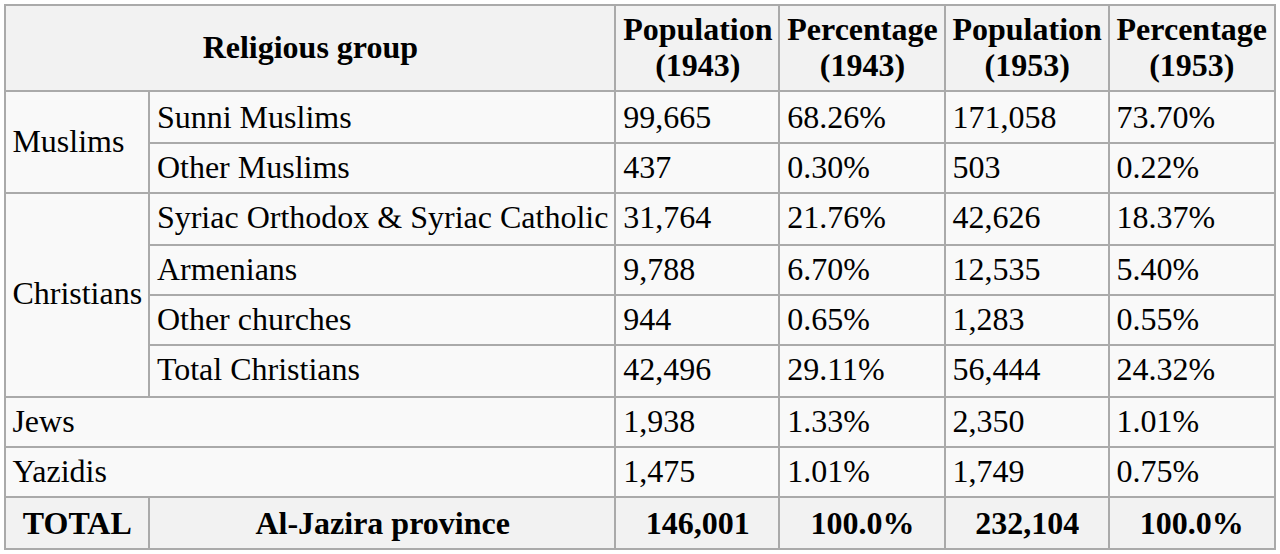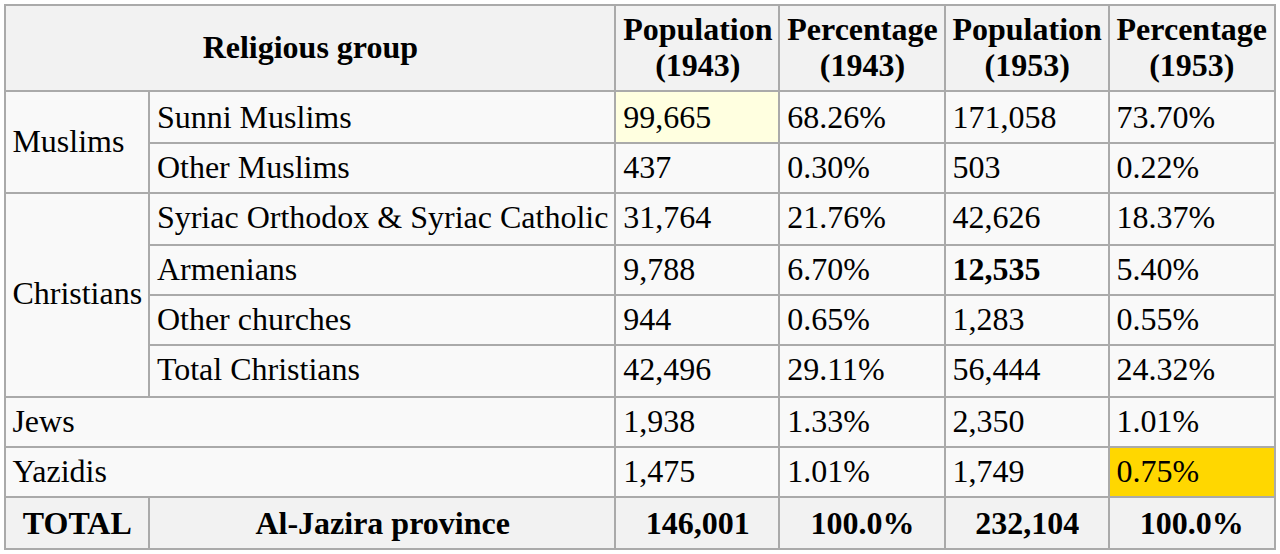 <table class="wikitable">
 <tr>
 <th colspan="2">Religious group</th>
 <th>Population<br>(1943)</th>
 <th>Percentage<br>(1943)</th>
 <th>Population<br>(1953)</th>
 <th>Percentage<br>(1953)</th>
 </tr>
 <tr>
 <td rowspan="2">Muslims</td>
 <td>Sunni Muslims</td>
-<td>99,665</td>
+<td style="background: lightyellow;">99,665</td>
 <td>68.26%</td>
 <td>171,058</td>
 <td>73.70%</td>
 </tr>
 <tr>
 <td>Other Muslims</td>
 <td>437</td>
 <td>0.30%</td>
 <td>503</td>
 <td>0.22%</td>
 </tr>
 <tr>
 <td rowspan="4">Christians</td>
 <td>Syriac Orthodox & Syriac Catholic</td>
 <td>31,764</td>
 <td>21.76%</td>
 <td>42,626</td>
 <td>18.37%</td>
 </tr>
 <tr>
 <td>Armenians</td>
 <td>9,788</td>
 <td>6.70%</td>
-<td>12,535</td>
+<td><strong>12,535</strong></td>
 <td>5.40%</td>
 </tr>
 <tr>
 <td>Other churches</td>
 <td>944</td>
 <td>0.65%</td>
 <td>1,283</td>
 <td>0.55%</td>
 </tr>
 <tr>
 <td>Total Christians</td>
 <td>42,496</td>
 <td>29.11%</td>
 <td>56,444</td>
 <td>24.32%</td>
 </tr>
 <tr>
 <td colspan="2">Jews</td>
 <td>1,938</td>
 <td>1.33%</td>
 <td>2,350</td>
 <td>1.01%</td>
 </tr>
 <tr>
 <td colspan="2">Yazidis</td>
 <td>1,475</td>
 <td>1.01%</td>
 <td>1,749</td>
-<td>0.75%</td>
+<td style="background: gold;">0.75%</td>
 </tr>
 <tr>
 <th>TOTAL</th>
 <th>Al-Jazira province</th>
 <th>146,001</th>
 <th>100.0%</th>
 <th>232,104</th>
 <th>100.0%</th>
 </tr>
 </table>
